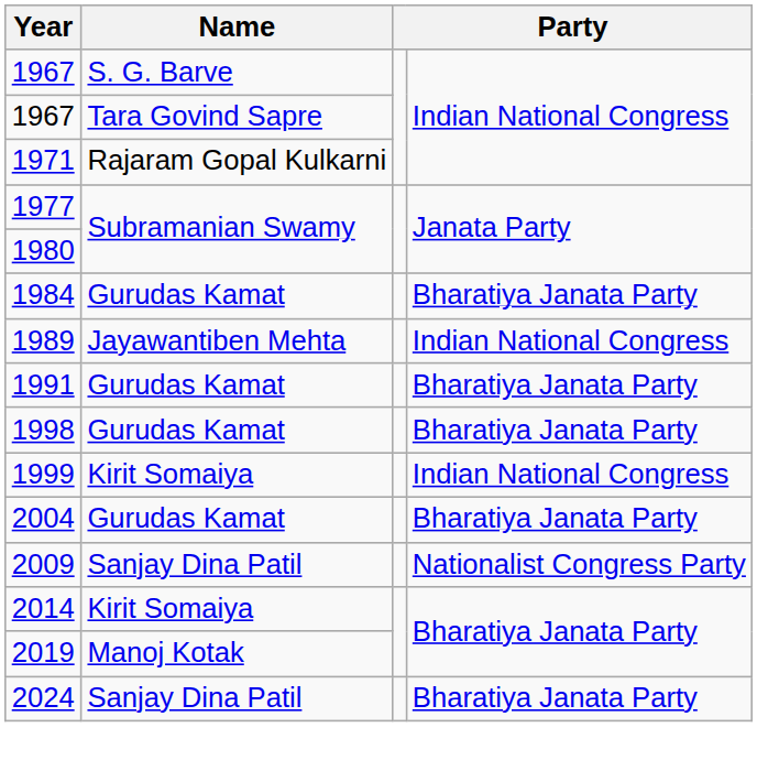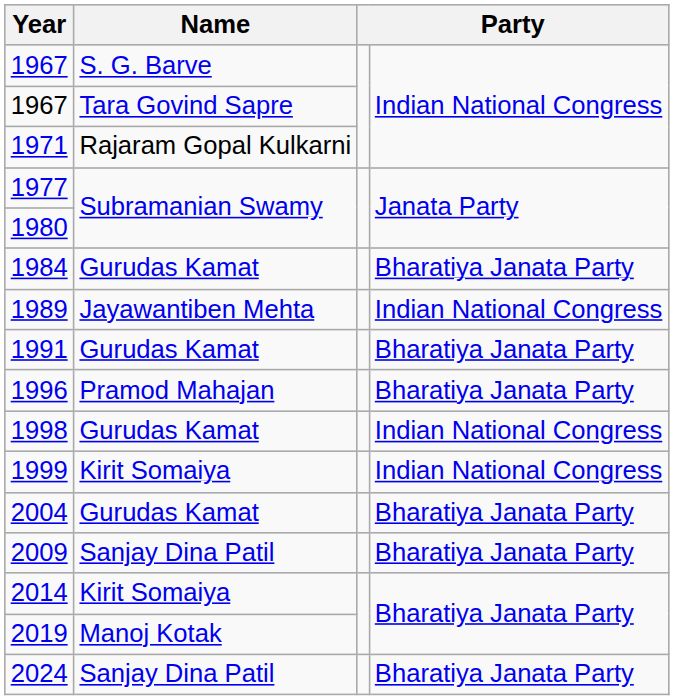 <table class="wikitable">
 <tr>
 <th>Year</th>
 <th>Name</th>
 <th colspan="2">Party</th>
 </tr>
 <tr>
 <td><a href='#'>1967</a></td>
 <td><a href='#'>S. G. Barve</a></td>
 <td rowspan="3" style="background-color: "></td>
 <td rowspan="3"><a href='#'>Indian National Congress</a></td>
 </tr>
 <tr>
 <td>1967</td>
 <td><a href='#'>Tara Govind Sapre</a></td>
 </tr>
 <tr>
 <td><a href='#'>1971</a></td>
 <td>Rajaram Gopal Kulkarni</td>
 </tr>
 <tr>
 <td><a href='#'>1977</a></td>
 <td rowspan="2"><a href='#'>Subramanian Swamy</a></td>
 <td rowspan="2" style="background-color: "></td>
 <td rowspan="2"><a href='#'>Janata Party</a></td>
 </tr>
 <tr>
 <td><a href='#'>1980</a></td>
 </tr>
 <tr>
 <td><a href='#'>1984</a></td>
 <td><a href='#'>Gurudas Kamat</a></td>
 <td style="background-color: "></td>
 <td><a href='#'>Bharatiya Janata Party</a></td>
 </tr>
 <tr>
 <td><a href='#'>1989</a></td>
 <td><a href='#'>Jayawantiben Mehta</a></td>
 <td style="background-color: "></td>
 <td><a href='#'>Indian National Congress</a></td>
 </tr>
 <tr>
 <td><a href='#'>1991</a></td>
 <td><a href='#'>Gurudas Kamat</a></td>
 <td style="background-color: "></td>
 <td><a href='#'>Bharatiya Janata Party</a></td>
 </tr>
 <tr>
+<td><a href='#'>1996</a></td>
+<td><a href='#'>Pramod Mahajan</a></td>
+<td style="background-color: "></td>
+<td><a href='#'>Bharatiya Janata Party</a></td>
+</tr>
+<tr>
 <td><a href='#'>1998</a></td>
 <td><a href='#'>Gurudas Kamat</a></td>
 <td style="background-color: "></td>
-<td><a href='#'>Bharatiya Janata Party</a></td>
+<td><a href='#'>Indian National Congress</a></td>
 </tr>
 <tr>
 <td><a href='#'>1999</a></td>
 <td><a href='#'>Kirit Somaiya</a></td>
 <td style="background-color: "></td>
 <td><a href='#'>Indian National Congress</a></td>
 </tr>
 <tr>
 <td><a href='#'>2004</a></td>
 <td><a href='#'>Gurudas Kamat</a></td>
 <td style="background-color: "></td>
 <td><a href='#'>Bharatiya Janata Party</a></td>
 </tr>
 <tr>
 <td><a href='#'>2009</a></td>
 <td><a href='#'>Sanjay Dina Patil</a></td>
 <td style="background-color: "></td>
-<td><a href='#'>Nationalist Congress Party</a></td>
+<td><a href='#'>Bharatiya Janata Party</a></td>
 </tr>
 <tr>
 <td><a href='#'>2014</a></td>
 <td><a href='#'>Kirit Somaiya</a></td>
 <td rowspan="2" style="background-color: "></td>
 <td rowspan="2"><a href='#'>Bharatiya Janata Party</a></td>
 </tr>
 <tr>
 <td><a href='#'>2019</a></td>
 <td><a href='#'>Manoj Kotak</a></td>
 </tr>
 <tr>
 <td><a href='#'>2024</a></td>
 <td><a href='#'>Sanjay Dina Patil</a></td>
 <td rowspan="1" style="background-color: "></td>
 <td><a href='#'>Bharatiya Janata Party</a></td>
 </tr>
 </table>
